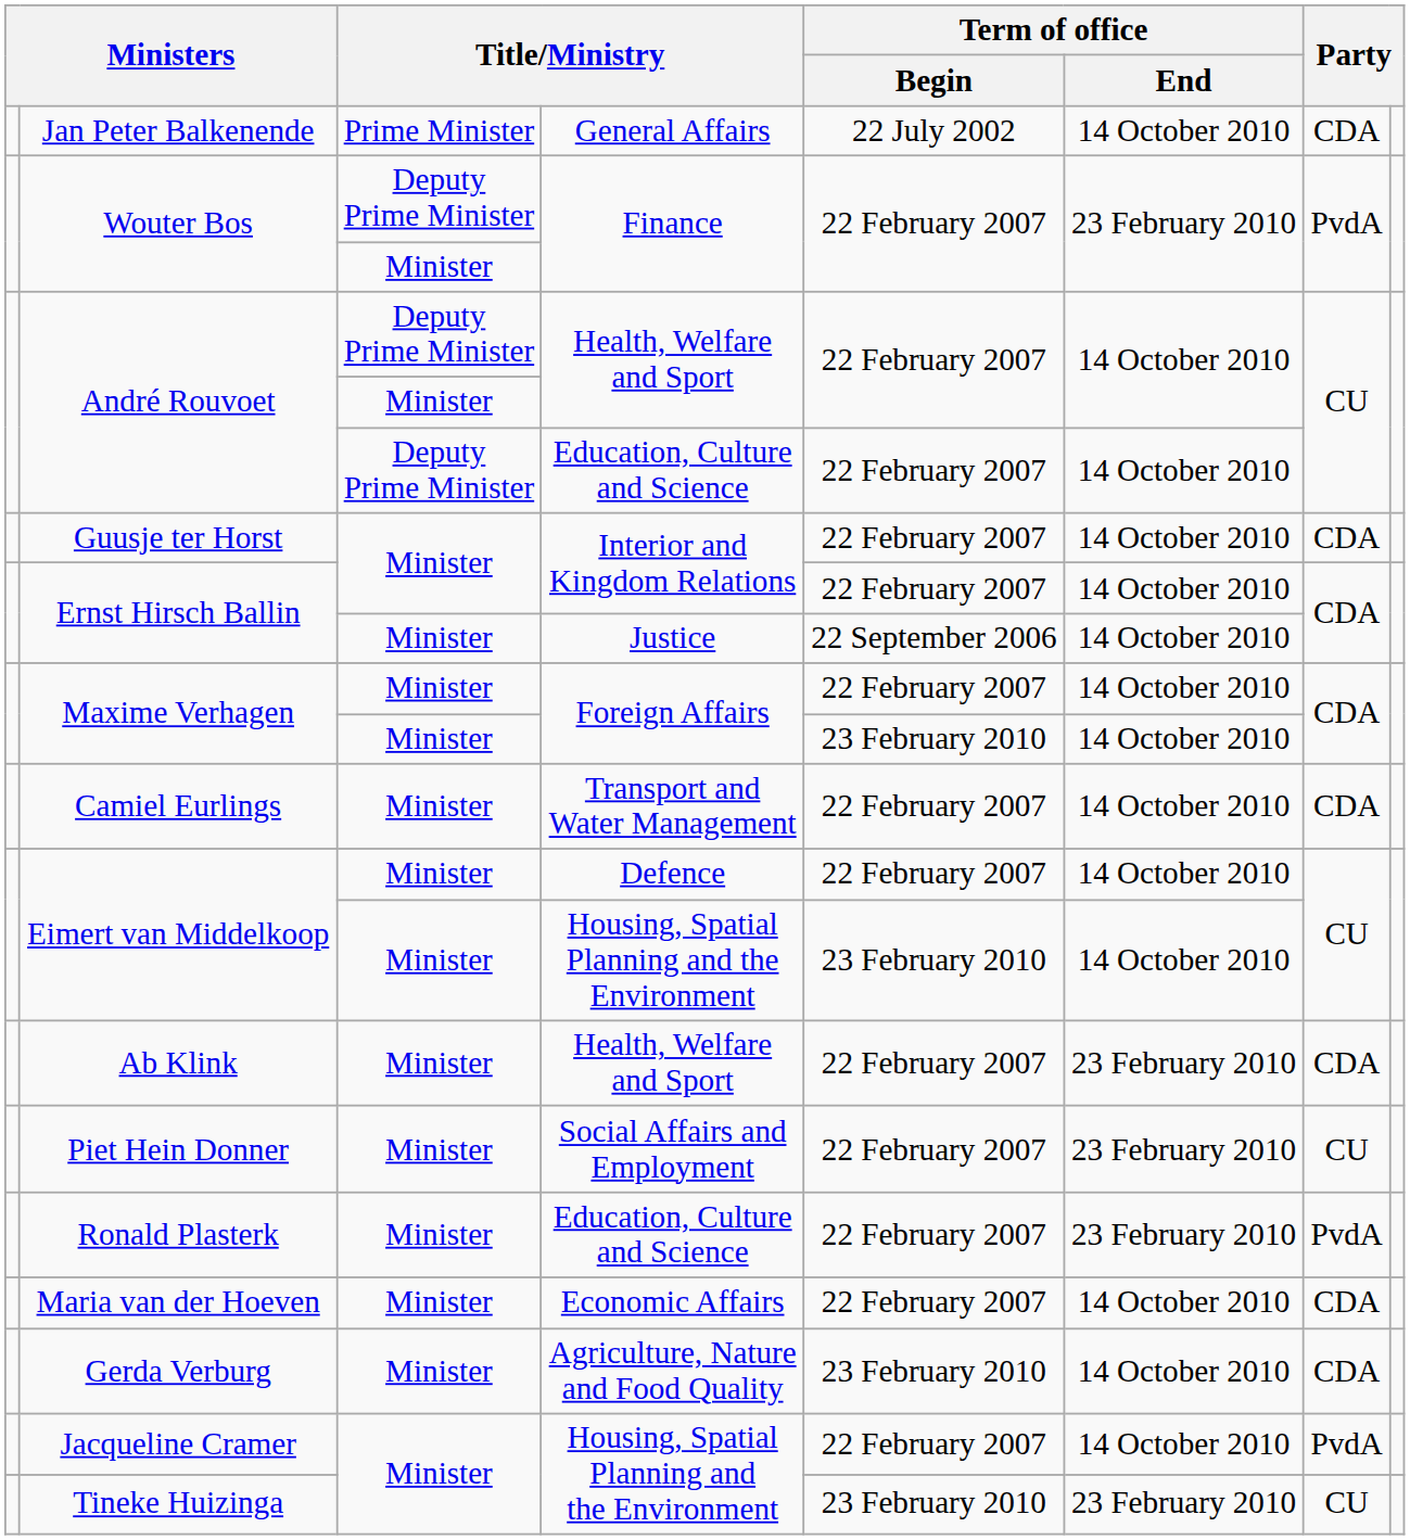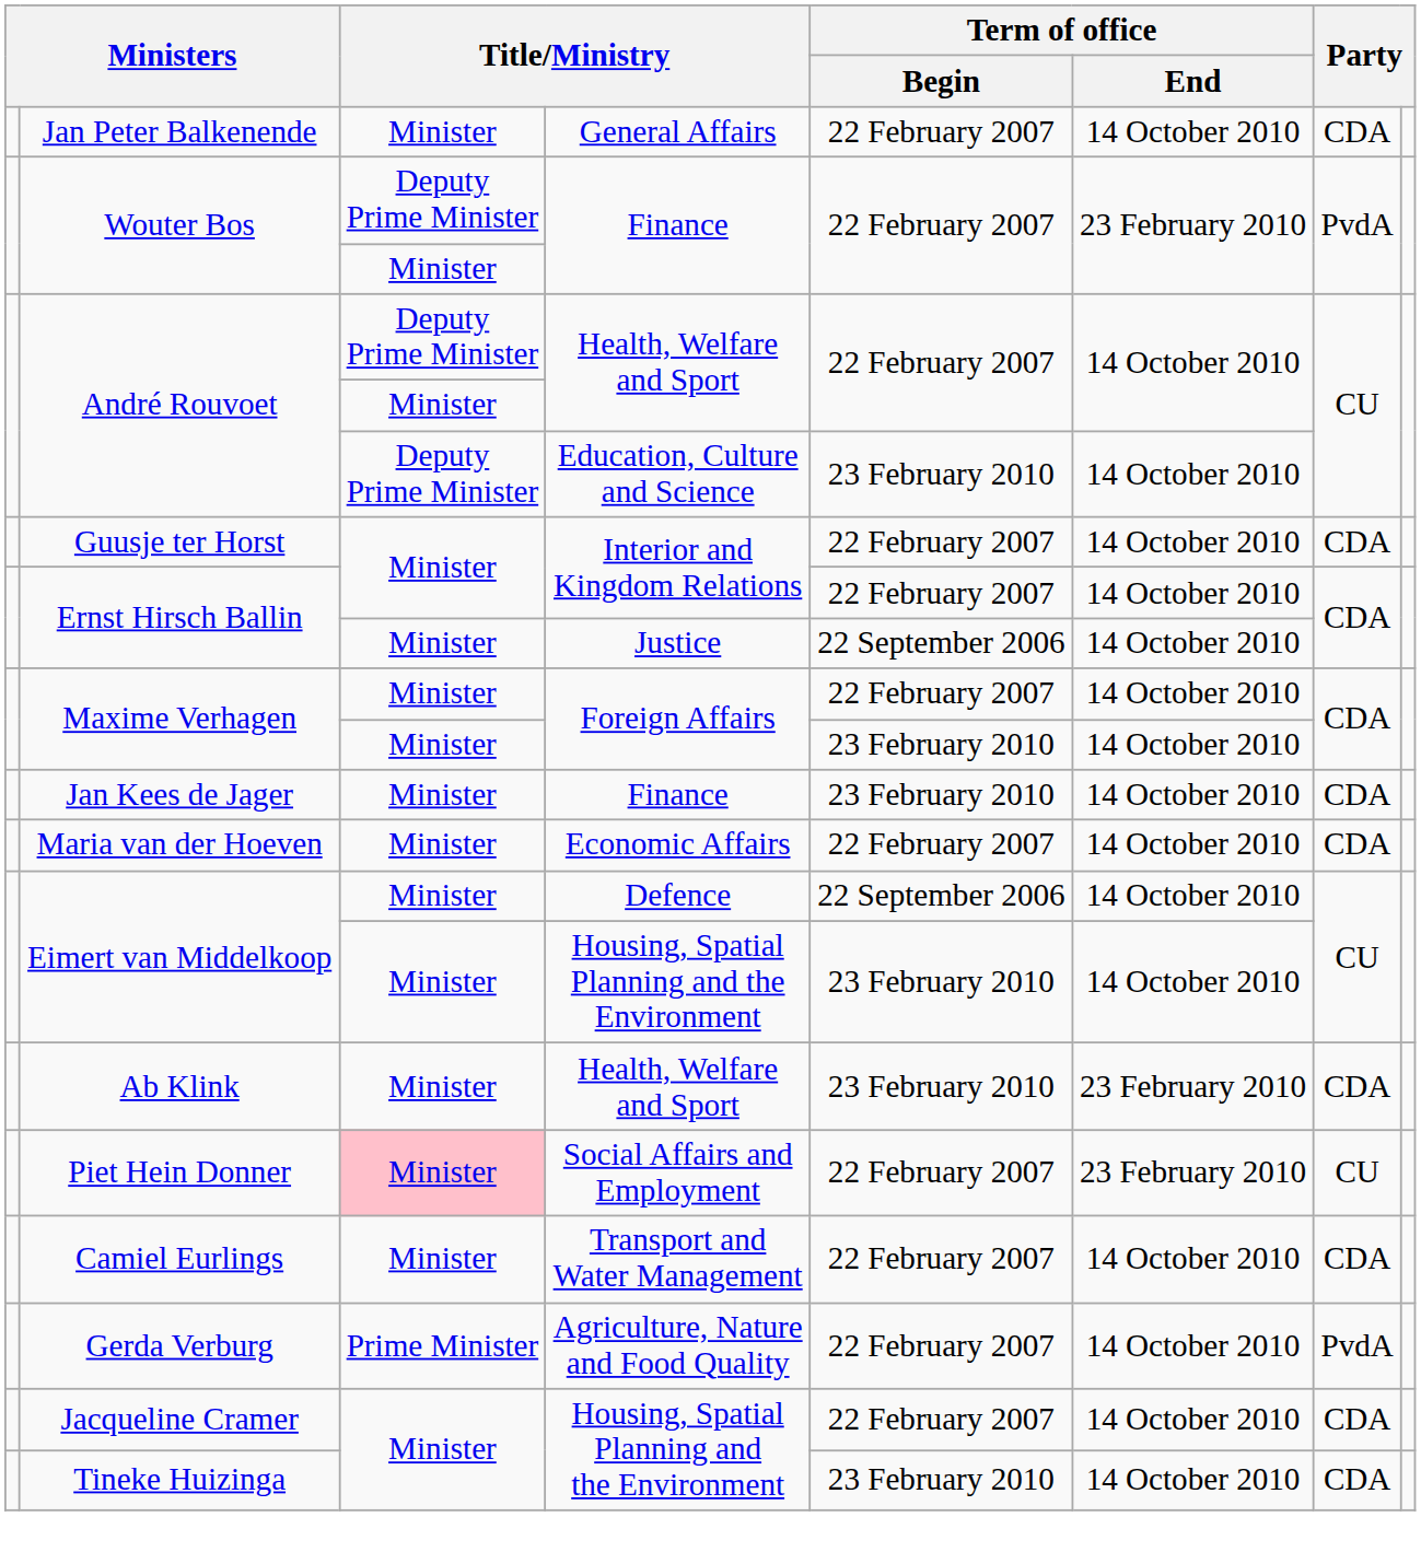 <table class="wikitable sortable" style="text-align:center">
 <tr>
 <th rowspan=2 colspan=2><a href='#'>Ministers</a></th>
 <th colspan=2 rowspan=2>Title/<a href='#'>Ministry</a></th>
 <th class=unsortable colspan="2">Term of office</th>
 <th rowspan=2 colspan=2>Party</th>
 </tr>
 <tr>
 <th data-sort-type=date>Begin</th>
 <th data-sort-type=date>End</th>
 </tr>
 <tr>
 <td></td>
 <td><a href='#'>Jan Peter Balkenende</a></td>
-<td><a href='#'>Prime Minister</a></td>
+<td><a href='#'>Minister</a></td>
 <td><a href='#'>General Affairs</a></td>
-<td>22 July 2002</td>
+<td>22 February 2007</td>
 <td>14 October 2010</td>
 <td>CDA</td>
 <td style="background:"></td>
 </tr>
 <tr>
 <td rowspan=2></td>
 <td rowspan=2><a href='#'>Wouter Bos</a></td>
 <td><a href='#'>Deputy <br> Prime Minister</a></td>
 <td rowspan=2><a href='#'>Finance</a></td>
 <td rowspan=2>22 February 2007</td>
 <td rowspan=2>23 February 2010</td>
 <td rowspan=2>PvdA</td>
 <td rowspan=2 style="background:"></td>
 </tr>
 <tr>
 <td><a href='#'>Minister</a></td>
 </tr>
 <tr>
 <td rowspan=3></td>
 <td rowspan=3><a href='#'>André Rouvoet</a></td>
 <td><a href='#'>Deputy <br> Prime Minister</a></td>
 <td rowspan=2><a href='#'>Health, Welfare <br> and Sport</a></td>
 <td rowspan=2>22 February 2007</td>
 <td rowspan=2>14 October 2010</td>
 <td rowspan=3>CU</td>
 <td rowspan=3 style="background:"></td>
 </tr>
 <tr>
 <td><a href='#'>Minister</a></td>
 </tr>
 <tr>
 <td><a href='#'>Deputy <br> Prime Minister</a></td>
 <td><a href='#'>Education, Culture <br> and Science</a></td>
-<td>22 February 2007</td>
+<td>23 February 2010</td>
 <td>14 October 2010</td>
 </tr>
 <tr>
 <td></td>
 <td><a href='#'>Guusje ter Horst</a></td>
 <td rowspan=2><a href='#'>Minister</a></td>
 <td rowspan=2><a href='#'>Interior and <br> Kingdom Relations</a></td>
 <td>22 February 2007</td>
 <td>14 October 2010</td>
 <td>CDA</td>
 <td style="background:"></td>
 </tr>
 <tr>
 <td rowspan=2></td>
 <td rowspan=2><a href='#'>Ernst Hirsch Ballin</a></td>
 <td>22 February 2007</td>
 <td>14 October 2010</td>
 <td rowspan=2>CDA</td>
 <td rowspan=2 style="background:"></td>
 </tr>
 <tr>
 <td><a href='#'>Minister</a></td>
 <td><a href='#'>Justice</a></td>
 <td>22 September 2006</td>
 <td>14 October 2010</td>
 </tr>
 <tr>
 <td rowspan=2></td>
 <td rowspan=2><a href='#'>Maxime Verhagen</a></td>
 <td><a href='#'>Minister</a></td>
 <td rowspan=2><a href='#'>Foreign Affairs</a></td>
 <td>22 February 2007</td>
 <td>14 October 2010</td>
 <td rowspan=2>CDA</td>
 <td rowspan=2 style="background:"></td>
 </tr>
 <tr>
 <td><a href='#'>Minister</a></td>
 <td>23 February 2010</td>
 <td>14 October 2010</td>
 </tr>
 <tr>
 <td></td>
-<td><a href='#'>Camiel Eurlings</a></td>
+<td><a href='#'>Jan Kees de Jager</a></td>
 <td><a href='#'>Minister</a></td>
-<td><a href='#'>Transport and <br> Water Management</a></td>
+<td><a href='#'>Finance</a></td>
+<td>23 February 2010</td>
+<td>14 October 2010</td>
+<td>CDA</td>
+<td style="background:"></td>
+</tr>
+<tr>
+<td></td>
+<td><a href='#'>Maria van der Hoeven</a></td>
+<td><a href='#'>Minister</a></td>
+<td><a href='#'>Economic Affairs</a></td>
 <td>22 February 2007</td>
 <td>14 October 2010</td>
 <td>CDA</td>
 <td style="background:"></td>
 </tr>
 <tr>
 <td rowspan=2></td>
 <td rowspan=2><a href='#'>Eimert van Middelkoop</a></td>
 <td><a href='#'>Minister</a></td>
 <td><a href='#'>Defence</a></td>
-<td>22 February 2007</td>
+<td>22 September 2006</td>
 <td>14 October 2010</td>
 <td rowspan=2>CU</td>
 <td rowspan=2 style="background:"></td>
 </tr>
 <tr>
 <td><a href='#'>Minister</a></td>
 <td><a href='#'>Housing, Spatial <br> Planning and the <br> Environment</a></td>
 <td>23 February 2010</td>
 <td>14 October 2010</td>
 </tr>
 <tr>
 <td></td>
 <td><a href='#'>Ab Klink</a></td>
 <td><a href='#'>Minister</a></td>
 <td><a href='#'>Health, Welfare <br> and Sport</a></td>
-<td>22 February 2007</td>
+<td>23 February 2010</td>
 <td>23 February 2010</td>
 <td>CDA</td>
 <td style="background:"></td>
 </tr>
 <tr>
 <td></td>
 <td><a href='#'>Piet Hein Donner</a></td>
-<td><a href='#'>Minister</a></td>
+<td style="background: pink;"><a href='#'>Minister</a></td>
 <td><a href='#'>Social Affairs and <br> Employment</a></td>
 <td>22 February 2007</td>
 <td>23 February 2010</td>
 <td>CU</td>
 <td style="background:"></td>
 </tr>
 <tr>
 <td></td>
-<td><a href='#'>Ronald Plasterk</a></td>
+<td><a href='#'>Camiel Eurlings</a></td>
 <td><a href='#'>Minister</a></td>
-<td><a href='#'>Education, Culture <br> and Science</a></td>
-<td>22 February 2007</td>
-<td>23 February 2010</td>
-<td>PvdA</td>
-<td style="background:"></td>
-</tr>
-<tr>
-<td></td>
-<td><a href='#'>Maria van der Hoeven</a></td>
-<td><a href='#'>Minister</a></td>
-<td><a href='#'>Economic Affairs</a></td>
+<td><a href='#'>Transport and <br> Water Management</a></td>
 <td>22 February 2007</td>
 <td>14 October 2010</td>
 <td>CDA</td>
 <td style="background:"></td>
 </tr>
 <tr>
 <td></td>
 <td><a href='#'>Gerda Verburg</a></td>
-<td><a href='#'>Minister</a></td>
+<td><a href='#'>Prime Minister</a></td>
 <td><a href='#'>Agriculture, Nature <br> and Food Quality</a></td>
-<td>23 February 2010</td>
+<td>22 February 2007</td>
 <td>14 October 2010</td>
-<td>CDA</td>
+<td>PvdA</td>
 <td style="background:"></td>
 </tr>
 <tr>
 <td></td>
 <td><a href='#'>Jacqueline Cramer</a></td>
 <td rowspan=2><a href='#'>Minister</a></td>
 <td rowspan=2><a href='#'>Housing, Spatial <br> Planning and <br> the Environment</a></td>
 <td>22 February 2007</td>
 <td>14 October 2010</td>
-<td>PvdA</td>
+<td>CDA</td>
 <td style="background:"></td>
 </tr>
 <tr>
 <td></td>
 <td><a href='#'>Tineke Huizinga</a></td>
 <td>23 February 2010</td>
-<td>23 February 2010</td>
-<td>CU</td>
+<td>14 October 2010</td>
+<td>CDA</td>
 <td style="background:"></td>
 </tr>
 </table>
